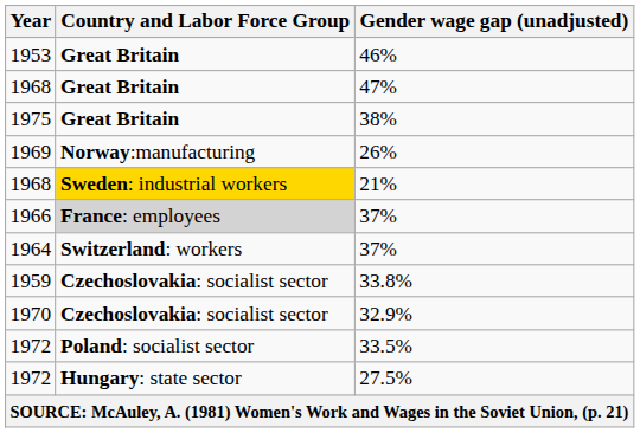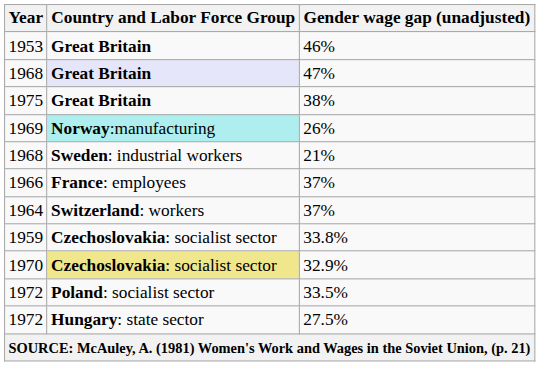 <table class="wikitable">
 <tr>
 <th>Year</th>
 <th><strong>Country and Labor Force Group</strong></th>
 <th><strong>Gender wage gap (unadjusted)</strong></th>
 </tr>
 <tr>
 <td>1953</td>
 <td><strong>Great Britain</strong></td>
 <td>46%</td>
 </tr>
 <tr>
 <td>1968</td>
-<td><strong>Great Britain</strong></td>
+<td style="background: lavender;"><strong>Great Britain</strong></td>
 <td>47%</td>
 </tr>
 <tr>
 <td>1975</td>
 <td><strong>Great Britain</strong></td>
 <td>38%</td>
 </tr>
 <tr>
 <td>1969</td>
-<td><strong>Norway</strong>:manufacturing</td>
+<td style="background: paleturquoise;"><strong>Norway</strong>:manufacturing</td>
 <td>26%</td>
 </tr>
 <tr>
 <td>1968</td>
-<td style="background: gold;"><strong>Sweden</strong>: industrial workers</td>
+<td><strong>Sweden</strong>: industrial workers</td>
 <td>21%</td>
 </tr>
 <tr>
 <td>1966</td>
-<td style="background: lightgrey;"><strong>France</strong>: employees</td>
+<td><strong>France</strong>: employees</td>
 <td>37%</td>
 </tr>
 <tr>
 <td>1964</td>
 <td><strong>Switzerland</strong>: workers</td>
 <td>37%</td>
 </tr>
 <tr>
 <td>1959</td>
 <td><strong>Czechoslovakia</strong>: socialist sector</td>
 <td>33.8%</td>
 </tr>
 <tr>
 <td>1970</td>
-<td><strong>Czechoslovakia</strong>: socialist sector</td>
+<td style="background: khaki;"><strong>Czechoslovakia</strong>: socialist sector</td>
 <td>32.9%</td>
 </tr>
 <tr>
 <td>1972</td>
 <td><strong>Poland</strong>: socialist sector</td>
 <td>33.5%</td>
 </tr>
 <tr>
 <td>1972</td>
 <td><strong>Hungary</strong>: state sector</td>
 <td>27.5%</td>
 </tr>
 <tr>
 <th colspan=16><small>SOURCE: McAuley, A. (1981) Women's Work and Wages in the Soviet Union, (p. 21) </small></th>
 </tr>
 </table>
